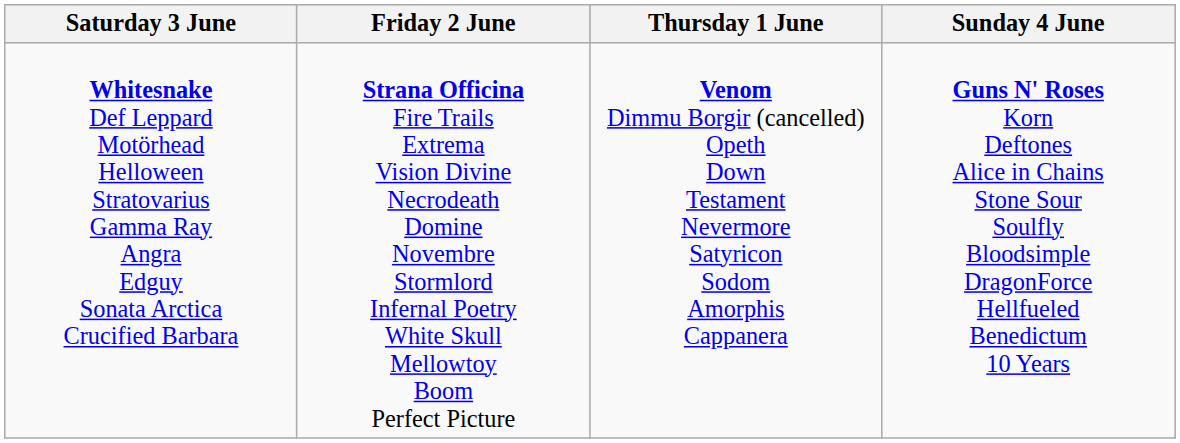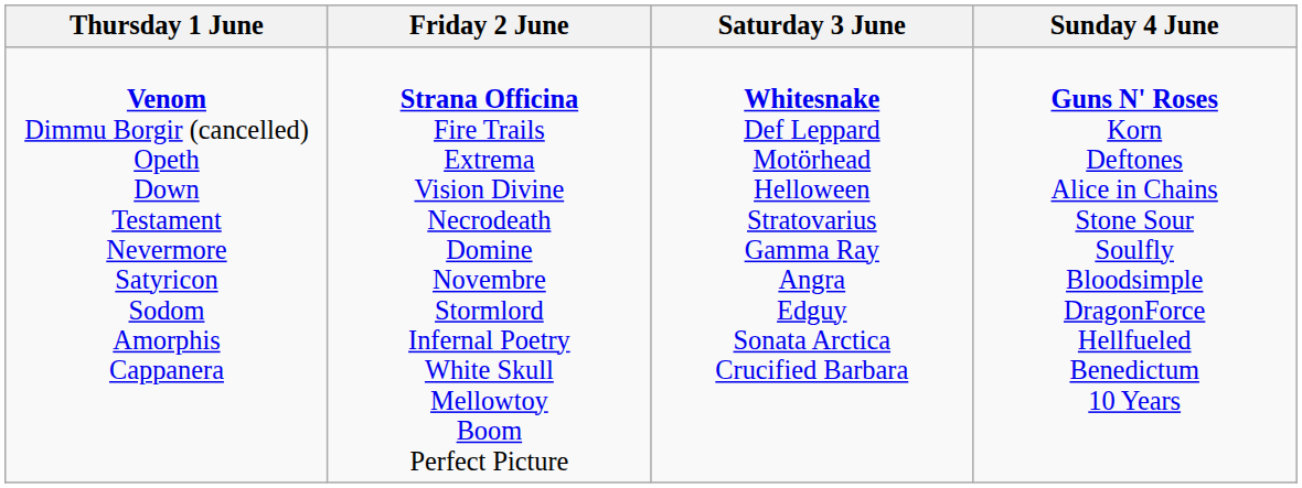 <table class="wikitable">
 <tr>
+<th>Thursday 1 June</th>
+<th>Friday 2 June</th>
 <th>Saturday 3 June</th>
-<th>Friday 2 June</th>
-<th>Thursday 1 June</th>
 <th>Sunday 4 June</th>
 </tr>
 <tr>
+<td valign="top" align="center" width=185><br><strong><a href='#'>Venom</a></strong> <br><a href='#'>Dimmu Borgir</a> (cancelled) <br><a href='#'>Opeth</a> <br><a href='#'>Down</a> <br><a href='#'>Testament</a> <br><a href='#'>Nevermore</a> <br><a href='#'>Satyricon</a> <br><a href='#'>Sodom</a> <br><a href='#'>Amorphis</a> <br><a href='#'>Cappanera</a></td>
+<td valign="top" align="center" width=185><br><strong><a href='#'>Strana Officina</a></strong> <br><a href='#'>Fire Trails</a> <br><a href='#'>Extrema</a> <br><a href='#'>Vision Divine</a> <br><a href='#'>Necrodeath</a> <br><a href='#'>Domine</a> <br><a href='#'>Novembre</a> <br><a href='#'>Stormlord</a> <br><a href='#'>Infernal Poetry</a> <br><a href='#'>White Skull</a> <br><a href='#'>Mellowtoy</a> <br><a href='#'>Boom</a> <br>Perfect Picture</td>
 <td valign="top" align="center" width=185><br><strong><a href='#'>Whitesnake</a></strong> <br><a href='#'>Def Leppard</a> <br><a href='#'>Motörhead</a> <br><a href='#'>Helloween</a> <br><a href='#'>Stratovarius</a> <br><a href='#'>Gamma Ray</a> <br><a href='#'>Angra</a> <br><a href='#'>Edguy</a> <br><a href='#'>Sonata Arctica</a> <br><a href='#'>Crucified Barbara</a></td>
-<td valign="top" align="center" width=185><br><strong><a href='#'>Strana Officina</a></strong> <br><a href='#'>Fire Trails</a> <br><a href='#'>Extrema</a> <br><a href='#'>Vision Divine</a> <br><a href='#'>Necrodeath</a> <br><a href='#'>Domine</a> <br><a href='#'>Novembre</a> <br><a href='#'>Stormlord</a> <br><a href='#'>Infernal Poetry</a> <br><a href='#'>White Skull</a> <br><a href='#'>Mellowtoy</a> <br><a href='#'>Boom</a> <br>Perfect Picture</td>
-<td valign="top" align="center" width=185><br><strong><a href='#'>Venom</a></strong> <br><a href='#'>Dimmu Borgir</a> (cancelled) <br><a href='#'>Opeth</a> <br><a href='#'>Down</a> <br><a href='#'>Testament</a> <br><a href='#'>Nevermore</a> <br><a href='#'>Satyricon</a> <br><a href='#'>Sodom</a> <br><a href='#'>Amorphis</a> <br><a href='#'>Cappanera</a></td>
 <td valign="top" align="center" width=185><br><strong><a href='#'>Guns N' Roses</a></strong> <br><a href='#'>Korn</a> <br><a href='#'>Deftones</a> <br><a href='#'>Alice in Chains</a> <br><a href='#'>Stone Sour</a> <br><a href='#'>Soulfly</a> <br><a href='#'>Bloodsimple</a> <br><a href='#'>DragonForce</a> <br><a href='#'>Hellfueled</a> <br><a href='#'>Benedictum</a> <br><a href='#'>10 Years</a></td>
 </tr>
 </table>
